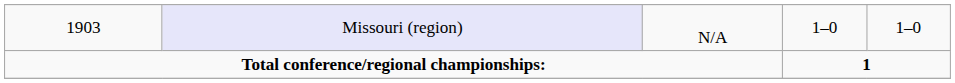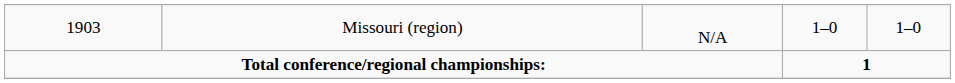 <table class="wikitable" width="70%">
 <tr>
 </tr>
 <tr align="center">
 <td>1903</td>
-<td style="background: lavender;">Missouri (region)</td>
+<td>Missouri (region)</td>
 <td><br>N/A</td>
 <td>1–0</td>
 <td>1–0</td>
 </tr>
 <tr align="center">
 <td colspan=3><strong>Total conference/regional championships:</strong></td>
 <td colspan=2><strong>1</strong></td>
 </tr>
 <tr>
 </tr>
 </table>
